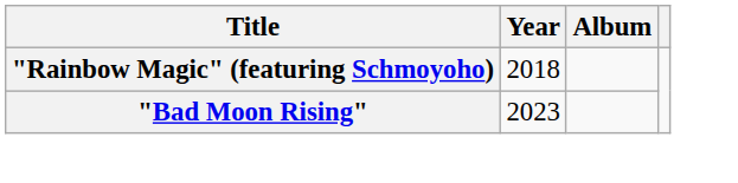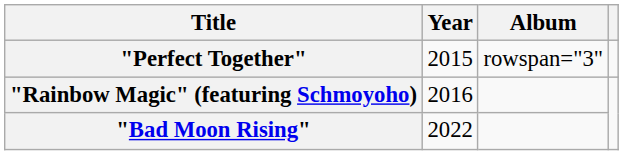 <table class="wikitable plainrowheaders">
 <tr>
 <th>Title</th>
 <th>Year</th>
 <th>Album</th>
 <th></th>
 </tr>
 <tr>
+<th scope="row">"Perfect Together"</th>
+<td>2015</td>
+<td>rowspan="3" </td>
+<td style="text-align:center;"></td>
+</tr>
+<tr>
 <th scope="row">"Rainbow Magic" (featuring <a href='#'>Schmoyoho</a>)</th>
-<td>2018</td>
+<td>2016</td>
 <td style="text-align:center;"></td>
 </tr>
 <tr>
 <th scope="row">"<a href='#'>Bad Moon Rising</a>"</th>
-<td>2023</td>
+<td>2022</td>
 <td style="text-align:center;"></td>
 </tr>
 </table>
